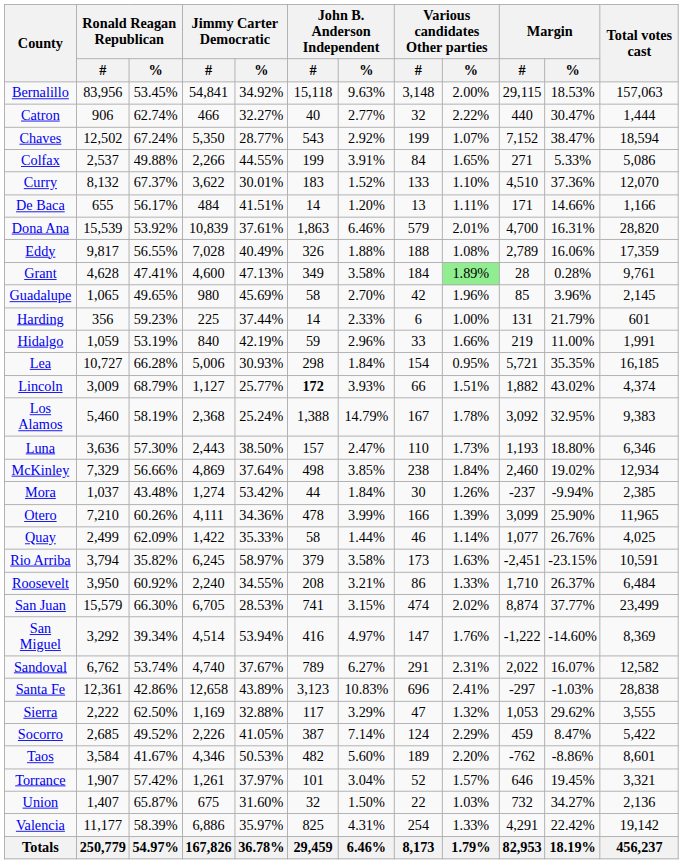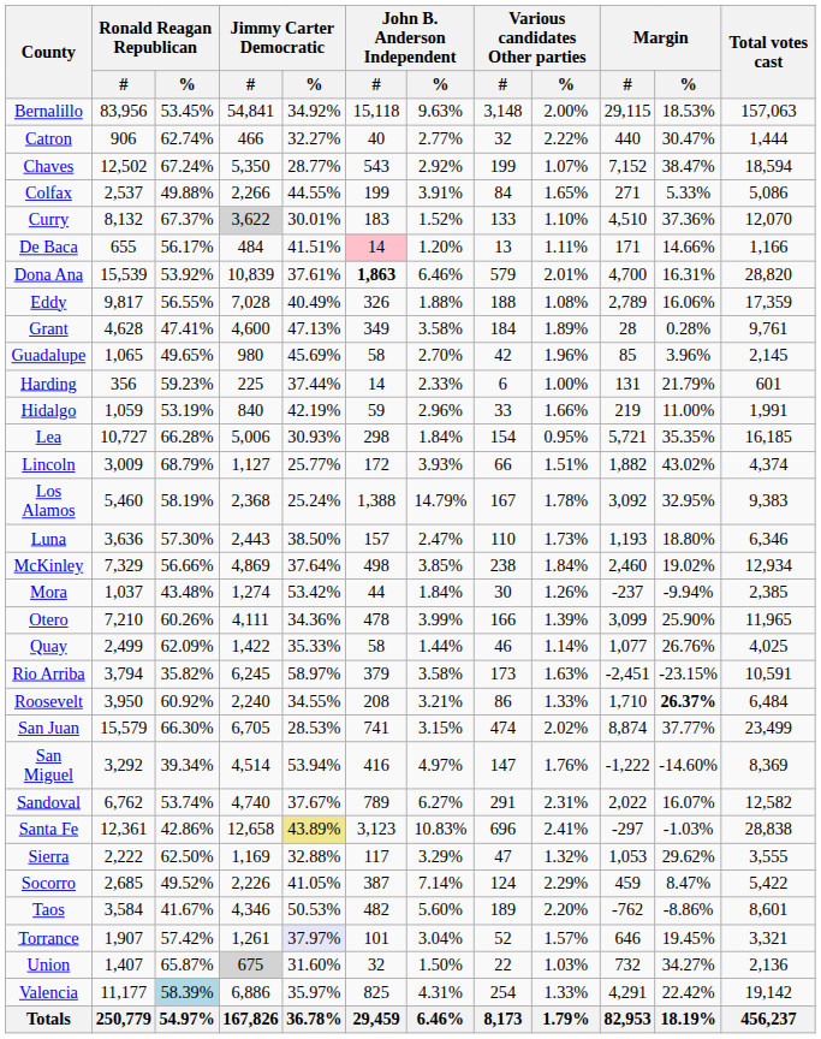 <table width="60%"  class="wikitable sortable" style="text-align:center">
 <tr>
 <th style="text-align:center;" rowspan="2">County</th>
 <th style="text-align:center;" colspan="2">Ronald Reagan<br>Republican</th>
 <th style="text-align:center;" colspan="2">Jimmy Carter<br>Democratic</th>
 <th style="text-align:center;" colspan="2">John B. Anderson<br>Independent</th>
 <th style="text-align:center;" colspan="2">Various candidates<br>Other parties</th>
 <th style="text-align:center;" colspan="2">Margin</th>
 <th style="text-align:center;" rowspan="2">Total votes cast</th>
 </tr>
 <tr>
 <th style="text-align:center;" data-sort-type="number">#</th>
 <th style="text-align:center;" data-sort-type="number">%</th>
 <th style="text-align:center;" data-sort-type="number">#</th>
 <th style="text-align:center;" data-sort-type="number">%</th>
 <th style="text-align:center;" data-sort-type="number">#</th>
 <th style="text-align:center;" data-sort-type="number">%</th>
 <th style="text-align:center;" data-sort-type="number">#</th>
 <th style="text-align:center;" data-sort-type="number">%</th>
 <th style="text-align:center;" data-sort-type="number">#</th>
 <th style="text-align:center;" data-sort-type="number">%</th>
 </tr>
 <tr style="text-align:center;">
 <td><a href='#'>Bernalillo</a></td>
 <td>83,956</td>
 <td>53.45%</td>
 <td>54,841</td>
 <td>34.92%</td>
 <td>15,118</td>
 <td>9.63%</td>
 <td>3,148</td>
 <td>2.00%</td>
 <td>29,115</td>
 <td>18.53%</td>
 <td>157,063</td>
 </tr>
 <tr style="text-align:center;">
 <td><a href='#'>Catron</a></td>
 <td>906</td>
 <td>62.74%</td>
 <td>466</td>
 <td>32.27%</td>
 <td>40</td>
 <td>2.77%</td>
 <td>32</td>
 <td>2.22%</td>
 <td>440</td>
 <td>30.47%</td>
 <td>1,444</td>
 </tr>
 <tr style="text-align:center;">
 <td><a href='#'>Chaves</a></td>
 <td>12,502</td>
 <td>67.24%</td>
 <td>5,350</td>
 <td>28.77%</td>
 <td>543</td>
 <td>2.92%</td>
 <td>199</td>
 <td>1.07%</td>
 <td>7,152</td>
 <td>38.47%</td>
 <td>18,594</td>
 </tr>
 <tr style="text-align:center;">
 <td><a href='#'>Colfax</a></td>
 <td>2,537</td>
 <td>49.88%</td>
 <td>2,266</td>
 <td>44.55%</td>
 <td>199</td>
 <td>3.91%</td>
 <td>84</td>
 <td>1.65%</td>
 <td>271</td>
 <td>5.33%</td>
 <td>5,086</td>
 </tr>
 <tr style="text-align:center;">
 <td><a href='#'>Curry</a></td>
 <td>8,132</td>
 <td>67.37%</td>
-<td>3,622</td>
+<td style="background: lightgrey;">3,622</td>
 <td>30.01%</td>
 <td>183</td>
 <td>1.52%</td>
 <td>133</td>
 <td>1.10%</td>
 <td>4,510</td>
 <td>37.36%</td>
 <td>12,070</td>
 </tr>
 <tr style="text-align:center;">
 <td><a href='#'>De Baca</a></td>
 <td>655</td>
 <td>56.17%</td>
 <td>484</td>
 <td>41.51%</td>
-<td>14</td>
+<td style="background: pink;">14</td>
 <td>1.20%</td>
 <td>13</td>
 <td>1.11%</td>
 <td>171</td>
 <td>14.66%</td>
 <td>1,166</td>
 </tr>
 <tr style="text-align:center;">
 <td><a href='#'>Dona Ana</a></td>
 <td>15,539</td>
 <td>53.92%</td>
 <td>10,839</td>
 <td>37.61%</td>
-<td>1,863</td>
+<td><strong>1,863</strong></td>
 <td>6.46%</td>
 <td>579</td>
 <td>2.01%</td>
 <td>4,700</td>
 <td>16.31%</td>
 <td>28,820</td>
 </tr>
 <tr style="text-align:center;">
 <td><a href='#'>Eddy</a></td>
 <td>9,817</td>
 <td>56.55%</td>
 <td>7,028</td>
 <td>40.49%</td>
 <td>326</td>
 <td>1.88%</td>
 <td>188</td>
 <td>1.08%</td>
 <td>2,789</td>
 <td>16.06%</td>
 <td>17,359</td>
 </tr>
 <tr style="text-align:center;">
 <td><a href='#'>Grant</a></td>
 <td>4,628</td>
 <td>47.41%</td>
 <td>4,600</td>
 <td>47.13%</td>
 <td>349</td>
 <td>3.58%</td>
 <td>184</td>
-<td style="background: lightgreen;">1.89%</td>
+<td>1.89%</td>
 <td>28</td>
 <td>0.28%</td>
 <td>9,761</td>
 </tr>
 <tr style="text-align:center;">
 <td><a href='#'>Guadalupe</a></td>
 <td>1,065</td>
 <td>49.65%</td>
 <td>980</td>
 <td>45.69%</td>
 <td>58</td>
 <td>2.70%</td>
 <td>42</td>
 <td>1.96%</td>
 <td>85</td>
 <td>3.96%</td>
 <td>2,145</td>
 </tr>
 <tr style="text-align:center;">
 <td><a href='#'>Harding</a></td>
 <td>356</td>
 <td>59.23%</td>
 <td>225</td>
 <td>37.44%</td>
 <td>14</td>
 <td>2.33%</td>
 <td>6</td>
 <td>1.00%</td>
 <td>131</td>
 <td>21.79%</td>
 <td>601</td>
 </tr>
 <tr style="text-align:center;">
 <td><a href='#'>Hidalgo</a></td>
 <td>1,059</td>
 <td>53.19%</td>
 <td>840</td>
 <td>42.19%</td>
 <td>59</td>
 <td>2.96%</td>
 <td>33</td>
 <td>1.66%</td>
 <td>219</td>
 <td>11.00%</td>
 <td>1,991</td>
 </tr>
 <tr style="text-align:center;">
 <td><a href='#'>Lea</a></td>
 <td>10,727</td>
 <td>66.28%</td>
 <td>5,006</td>
 <td>30.93%</td>
 <td>298</td>
 <td>1.84%</td>
 <td>154</td>
 <td>0.95%</td>
 <td>5,721</td>
 <td>35.35%</td>
 <td>16,185</td>
 </tr>
 <tr style="text-align:center;">
 <td><a href='#'>Lincoln</a></td>
 <td>3,009</td>
 <td>68.79%</td>
 <td>1,127</td>
 <td>25.77%</td>
-<td><strong>172</strong></td>
+<td>172</td>
 <td>3.93%</td>
 <td>66</td>
 <td>1.51%</td>
 <td>1,882</td>
 <td>43.02%</td>
 <td>4,374</td>
 </tr>
 <tr style="text-align:center;">
 <td><a href='#'>Los Alamos</a></td>
 <td>5,460</td>
 <td>58.19%</td>
 <td>2,368</td>
 <td>25.24%</td>
 <td>1,388</td>
 <td>14.79%</td>
 <td>167</td>
 <td>1.78%</td>
 <td>3,092</td>
 <td>32.95%</td>
 <td>9,383</td>
 </tr>
 <tr style="text-align:center;">
 <td><a href='#'>Luna</a></td>
 <td>3,636</td>
 <td>57.30%</td>
 <td>2,443</td>
 <td>38.50%</td>
 <td>157</td>
 <td>2.47%</td>
 <td>110</td>
 <td>1.73%</td>
 <td>1,193</td>
 <td>18.80%</td>
 <td>6,346</td>
 </tr>
 <tr style="text-align:center;">
 <td><a href='#'>McKinley</a></td>
 <td>7,329</td>
 <td>56.66%</td>
 <td>4,869</td>
 <td>37.64%</td>
 <td>498</td>
 <td>3.85%</td>
 <td>238</td>
 <td>1.84%</td>
 <td>2,460</td>
 <td>19.02%</td>
 <td>12,934</td>
 </tr>
 <tr style="text-align:center;">
 <td><a href='#'>Mora</a></td>
 <td>1,037</td>
 <td>43.48%</td>
 <td>1,274</td>
 <td>53.42%</td>
 <td>44</td>
 <td>1.84%</td>
 <td>30</td>
 <td>1.26%</td>
 <td>-237</td>
 <td>-9.94%</td>
 <td>2,385</td>
 </tr>
 <tr style="text-align:center;">
 <td><a href='#'>Otero</a></td>
 <td>7,210</td>
 <td>60.26%</td>
 <td>4,111</td>
 <td>34.36%</td>
 <td>478</td>
 <td>3.99%</td>
 <td>166</td>
 <td>1.39%</td>
 <td>3,099</td>
 <td>25.90%</td>
 <td>11,965</td>
 </tr>
 <tr style="text-align:center;">
 <td><a href='#'>Quay</a></td>
 <td>2,499</td>
 <td>62.09%</td>
 <td>1,422</td>
 <td>35.33%</td>
 <td>58</td>
 <td>1.44%</td>
 <td>46</td>
 <td>1.14%</td>
 <td>1,077</td>
 <td>26.76%</td>
 <td>4,025</td>
 </tr>
 <tr style="text-align:center;">
 <td><a href='#'>Rio Arriba</a></td>
 <td>3,794</td>
 <td>35.82%</td>
 <td>6,245</td>
 <td>58.97%</td>
 <td>379</td>
 <td>3.58%</td>
 <td>173</td>
 <td>1.63%</td>
 <td>-2,451</td>
 <td>-23.15%</td>
 <td>10,591</td>
 </tr>
 <tr style="text-align:center;">
 <td><a href='#'>Roosevelt</a></td>
 <td>3,950</td>
 <td>60.92%</td>
 <td>2,240</td>
 <td>34.55%</td>
 <td>208</td>
 <td>3.21%</td>
 <td>86</td>
 <td>1.33%</td>
 <td>1,710</td>
-<td>26.37%</td>
+<td><strong>26.37%</strong></td>
 <td>6,484</td>
 </tr>
 <tr style="text-align:center;">
 <td><a href='#'>San Juan</a></td>
 <td>15,579</td>
 <td>66.30%</td>
 <td>6,705</td>
 <td>28.53%</td>
 <td>741</td>
 <td>3.15%</td>
 <td>474</td>
 <td>2.02%</td>
 <td>8,874</td>
 <td>37.77%</td>
 <td>23,499</td>
 </tr>
 <tr style="text-align:center;">
 <td><a href='#'>San Miguel</a></td>
 <td>3,292</td>
 <td>39.34%</td>
 <td>4,514</td>
 <td>53.94%</td>
 <td>416</td>
 <td>4.97%</td>
 <td>147</td>
 <td>1.76%</td>
 <td>-1,222</td>
 <td>-14.60%</td>
 <td>8,369</td>
 </tr>
 <tr style="text-align:center;">
 <td><a href='#'>Sandoval</a></td>
 <td>6,762</td>
 <td>53.74%</td>
 <td>4,740</td>
 <td>37.67%</td>
 <td>789</td>
 <td>6.27%</td>
 <td>291</td>
 <td>2.31%</td>
 <td>2,022</td>
 <td>16.07%</td>
 <td>12,582</td>
 </tr>
 <tr style="text-align:center;">
 <td><a href='#'>Santa Fe</a></td>
 <td>12,361</td>
 <td>42.86%</td>
 <td>12,658</td>
-<td>43.89%</td>
+<td style="background: khaki;">43.89%</td>
 <td>3,123</td>
 <td>10.83%</td>
 <td>696</td>
 <td>2.41%</td>
 <td>-297</td>
 <td>-1.03%</td>
 <td>28,838</td>
 </tr>
 <tr style="text-align:center;">
 <td><a href='#'>Sierra</a></td>
 <td>2,222</td>
 <td>62.50%</td>
 <td>1,169</td>
 <td>32.88%</td>
 <td>117</td>
 <td>3.29%</td>
 <td>47</td>
 <td>1.32%</td>
 <td>1,053</td>
 <td>29.62%</td>
 <td>3,555</td>
 </tr>
 <tr style="text-align:center;">
 <td><a href='#'>Socorro</a></td>
 <td>2,685</td>
 <td>49.52%</td>
 <td>2,226</td>
 <td>41.05%</td>
 <td>387</td>
 <td>7.14%</td>
 <td>124</td>
 <td>2.29%</td>
 <td>459</td>
 <td>8.47%</td>
 <td>5,422</td>
 </tr>
 <tr style="text-align:center;">
 <td><a href='#'>Taos</a></td>
 <td>3,584</td>
 <td>41.67%</td>
 <td>4,346</td>
 <td>50.53%</td>
 <td>482</td>
 <td>5.60%</td>
 <td>189</td>
 <td>2.20%</td>
 <td>-762</td>
 <td>-8.86%</td>
 <td>8,601</td>
 </tr>
 <tr style="text-align:center;">
 <td><a href='#'>Torrance</a></td>
 <td>1,907</td>
 <td>57.42%</td>
 <td>1,261</td>
-<td>37.97%</td>
+<td style="background: lavender;">37.97%</td>
 <td>101</td>
 <td>3.04%</td>
 <td>52</td>
 <td>1.57%</td>
 <td>646</td>
 <td>19.45%</td>
 <td>3,321</td>
 </tr>
 <tr style="text-align:center;">
 <td><a href='#'>Union</a></td>
 <td>1,407</td>
 <td>65.87%</td>
-<td>675</td>
+<td style="background: lightgrey;">675</td>
 <td>31.60%</td>
 <td>32</td>
 <td>1.50%</td>
 <td>22</td>
 <td>1.03%</td>
 <td>732</td>
 <td>34.27%</td>
 <td>2,136</td>
 </tr>
 <tr style="text-align:center;">
 <td><a href='#'>Valencia</a></td>
 <td>11,177</td>
-<td>58.39%</td>
+<td style="background: lightblue;">58.39%</td>
 <td>6,886</td>
 <td>35.97%</td>
 <td>825</td>
 <td>4.31%</td>
 <td>254</td>
 <td>1.33%</td>
 <td>4,291</td>
 <td>22.42%</td>
 <td>19,142</td>
 </tr>
 <tr>
 <th>Totals</th>
 <th>250,779</th>
 <th>54.97%</th>
 <th>167,826</th>
 <th>36.78%</th>
 <th>29,459</th>
 <th>6.46%</th>
 <th>8,173</th>
 <th>1.79%</th>
 <th>82,953</th>
 <th>18.19%</th>
 <th>456,237</th>
 </tr>
 </table>
